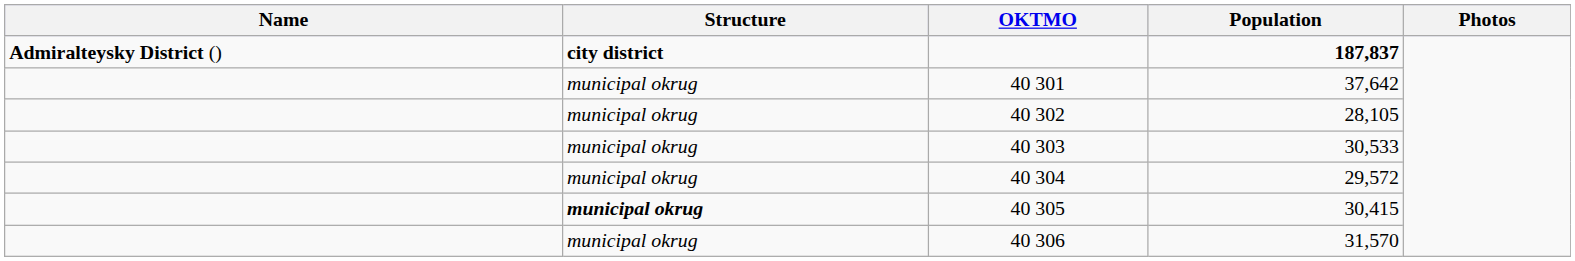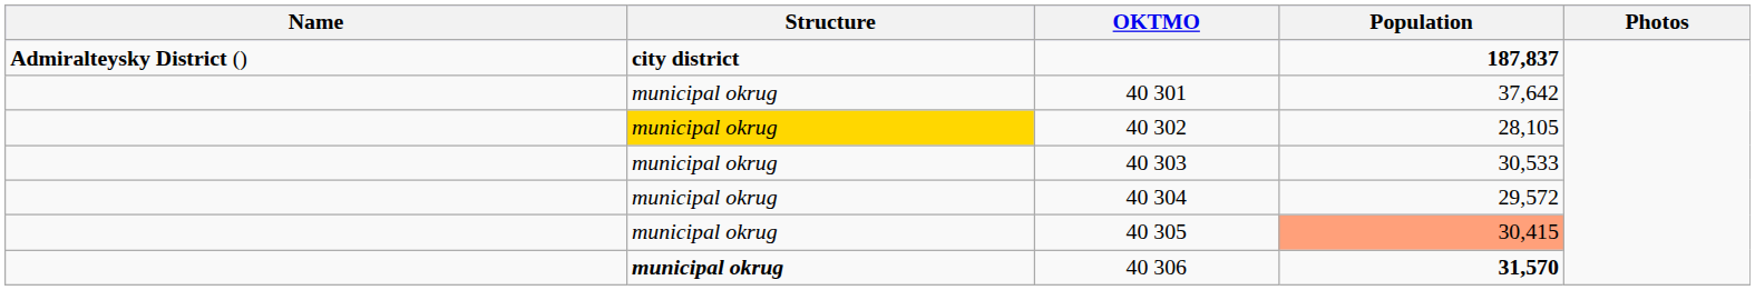 <table width=100% class="wikitable">
 <tr bgcolor="#CCCCFF" align="left">
 <th>Name</th>
 <th>Structure</th>
 <th><a href='#'>OKTMO</a></th>
 <th>Population</th>
 <th>Photos</th>
 </tr>
 <tr valign="top">
 <td><strong>Admiralteysky District</strong> ()</td>
 <td align="left"><strong>city district</strong></td>
 <td></td>
 <td align="right"><strong>187,837</strong></td>
 <td rowspan="9"></td>
 </tr>
 <tr>
 <td><br></td>
 <td align="left"><em>municipal okrug</em></td>
 <td align="center">40 301</td>
 <td align="right">37,642</td>
 </tr>
 <tr>
 <td><br></td>
-<td align="left"><em>municipal okrug</em></td>
+<td align="left" style="background: gold;"><em>municipal okrug</em></td>
 <td align="center">40 302</td>
 <td align="right">28,105</td>
 </tr>
 <tr>
 <td><br></td>
 <td align="left"><em>municipal okrug</em></td>
 <td align="center">40 303</td>
 <td align="right">30,533</td>
 </tr>
 <tr>
 <td><br></td>
 <td align="left"><em>municipal okrug</em></td>
 <td align="center">40 304</td>
 <td align="right">29,572</td>
 </tr>
 <tr>
 <td><br></td>
-<td align="left"><strong><em>municipal okrug</em></strong></td>
+<td align="left"><em>municipal okrug</em></td>
 <td align="center">40 305</td>
-<td align="right">30,415</td>
+<td align="right" style="background: lightsalmon;">30,415</td>
 </tr>
 <tr>
 <td><br></td>
-<td align="left"><em>municipal okrug</em></td>
+<td align="left"><strong><em>municipal okrug</em></strong></td>
 <td align="center">40 306</td>
-<td align="right">31,570</td>
+<td align="right"><strong>31,570</strong></td>
 </tr>
 </table>
